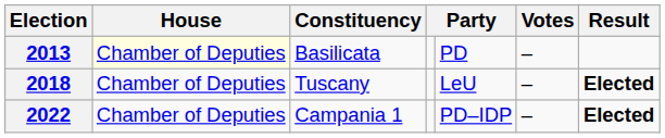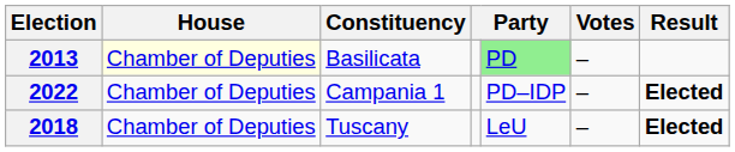 <table class=wikitable>
 <tr>
 <th>Election</th>
 <th>House</th>
 <th>Constituency</th>
 <th colspan="2">Party</th>
 <th>Votes</th>
 <th>Result</th>
 </tr>
 <tr>
 <th><a href='#'>2013</a></th>
 <td style="background: lightyellow;"><a href='#'>Chamber of Deputies</a></td>
 <td><a href='#'>Basilicata</a></td>
 <td></td>
-<td><a href='#'>PD</a></td>
+<td style="background: lightgreen;"><a href='#'>PD</a></td>
 <td>–</td>
 <td></td>
+</tr>
+<tr>
+<th><a href='#'>2022</a></th>
+<td><a href='#'>Chamber of Deputies</a></td>
+<td><a href='#'>Campania 1</a></td>
+<td></td>
+<td><a href='#'>PD–IDP</a></td>
+<td>–</td>
+<td> <strong>Elected</strong></td>
 </tr>
 <tr>
 <th><a href='#'>2018</a></th>
 <td><a href='#'>Chamber of Deputies</a></td>
 <td><a href='#'>Tuscany</a></td>
 <td></td>
 <td><a href='#'>LeU</a></td>
 <td>–</td>
 <td> <strong>Elected</strong></td>
 </tr>
-<tr>
-<th><a href='#'>2022</a></th>
-<td><a href='#'>Chamber of Deputies</a></td>
-<td><a href='#'>Campania 1</a></td>
-<td></td>
-<td><a href='#'>PD–IDP</a></td>
-<td>–</td>
-<td> <strong>Elected</strong></td>
-</tr>
 </table>
